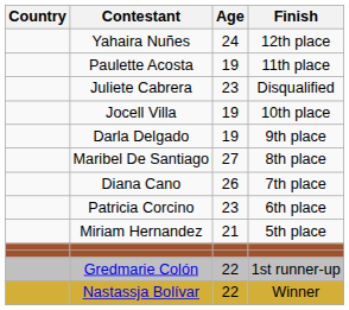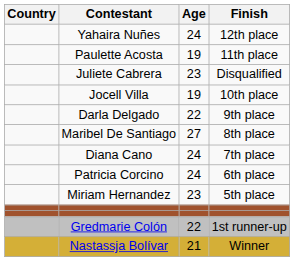 <table class="wikitable sortable" style="text-align:center">
 <tr>
 <th>Country</th>
 <th>Contestant</th>
 <th>Age</th>
 <th>Finish</th>
 </tr>
 <tr>
 <td></td>
 <td>Yahaira Nuñes</td>
 <td>24</td>
 <td>12th place</td>
 </tr>
 <tr>
 <td></td>
 <td>Paulette Acosta</td>
 <td>19</td>
 <td>11th place</td>
 </tr>
 <tr>
 <td></td>
 <td>Juliete Cabrera</td>
 <td>23</td>
 <td>Disqualified</td>
 </tr>
 <tr>
 <td></td>
 <td>Jocell Villa</td>
 <td>19</td>
 <td>10th place</td>
 </tr>
 <tr>
 <td></td>
 <td>Darla Delgado</td>
-<td>19</td>
+<td>22</td>
 <td>9th place</td>
 </tr>
 <tr>
 <td></td>
 <td>Maribel De Santiago</td>
 <td>27</td>
 <td>8th place</td>
 </tr>
 <tr>
 <td></td>
 <td>Diana Cano</td>
-<td>26</td>
+<td>24</td>
 <td>7th place</td>
 </tr>
 <tr>
 <td></td>
 <td>Patricia Corcino</td>
-<td>23</td>
+<td>24</td>
 <td>6th place</td>
 </tr>
 <tr>
 <td></td>
 <td>Miriam Hernandez</td>
-<td>21</td>
+<td>23</td>
 <td>5th place</td>
 </tr>
 <tr style="background:sienna;">
 <td></td>
 <td></td>
 <td></td>
 <td></td>
 </tr>
 <tr style="background:sienna;">
 <td></td>
 <td></td>
 <td></td>
 <td></td>
 </tr>
 <tr style="background:silver;">
 <td></td>
 <td><a href='#'>Gredmarie Colón</a></td>
 <td>22</td>
 <td>1st runner-up</td>
 </tr>
 <tr style="background:#D4AF37;">
 <td></td>
 <td><a href='#'>Nastassja Bolívar</a></td>
-<td>22</td>
+<td>21</td>
 <td>Winner</td>
 </tr>
 </table>
